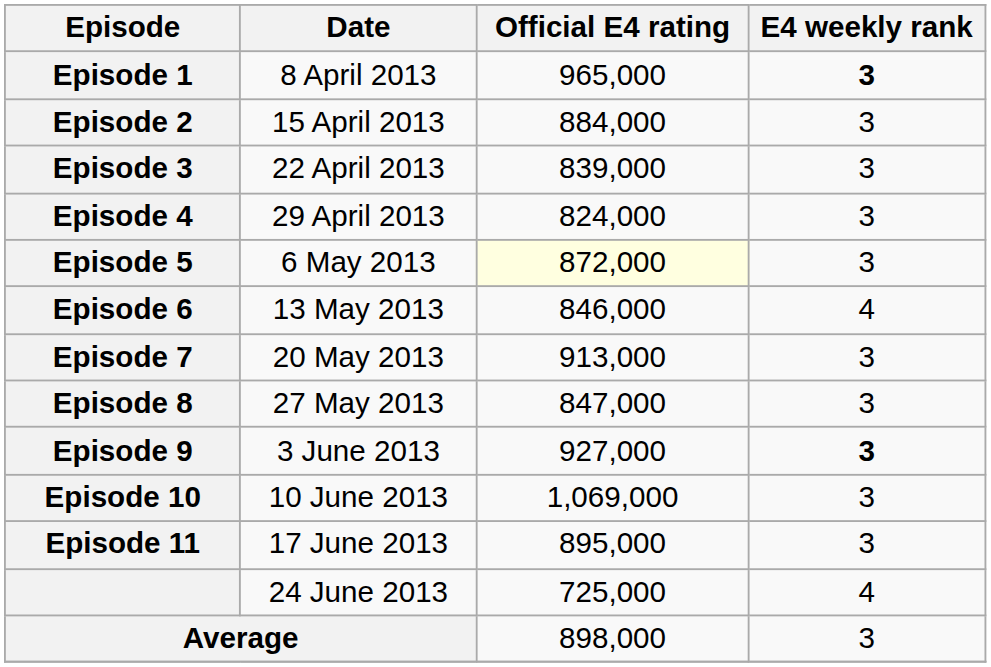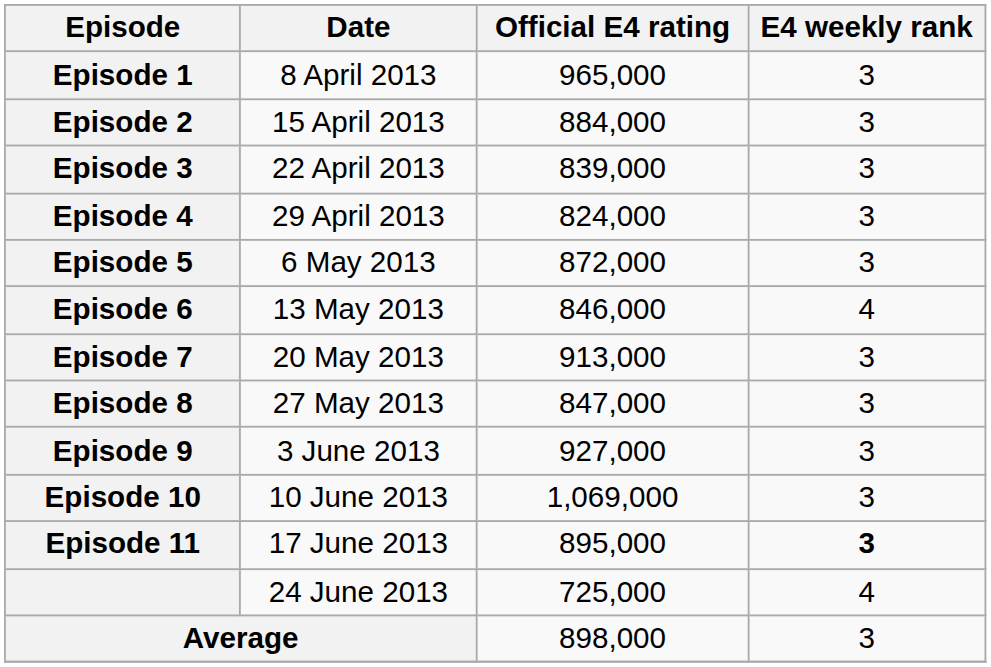 <table class="wikitable sortable" style="text-align:center">
 <tr>
 <th scope="col" style="width:120px;">Episode</th>
 <th scope="col" style="width:120px;">Date</th>
 <th scope="col" style="width:140px;">Official E4 rating</th>
 <th scope="col" style="width:120px;">E4 weekly rank</th>
 </tr>
 <tr>
 <th scope="row">Episode 1</th>
 <td>8 April 2013</td>
 <td>965,000</td>
-<td><strong>3</strong></td>
+<td>3</td>
 </tr>
 <tr>
 <th scope="row">Episode 2</th>
 <td>15 April 2013</td>
 <td>884,000</td>
 <td>3</td>
 </tr>
 <tr>
 <th scope="row">Episode 3</th>
 <td>22 April 2013</td>
 <td>839,000</td>
 <td>3</td>
 </tr>
 <tr>
 <th scope="row">Episode 4</th>
 <td>29 April 2013</td>
 <td>824,000</td>
 <td>3</td>
 </tr>
 <tr>
 <th scope="row">Episode 5</th>
 <td>6 May 2013</td>
-<td style="background: lightyellow;">872,000</td>
+<td>872,000</td>
 <td>3</td>
 </tr>
 <tr>
 <th scope="row">Episode 6</th>
 <td>13 May 2013</td>
 <td>846,000</td>
 <td>4</td>
 </tr>
 <tr>
 <th scope="row">Episode 7</th>
 <td>20 May 2013</td>
 <td>913,000</td>
 <td>3</td>
 </tr>
 <tr>
 <th scope="row">Episode 8</th>
 <td>27 May 2013</td>
 <td>847,000</td>
 <td>3</td>
 </tr>
 <tr>
 <th scope="row">Episode 9</th>
 <td>3 June 2013</td>
 <td>927,000</td>
-<td><strong>3</strong></td>
+<td>3</td>
 </tr>
 <tr>
 <th scope="row">Episode 10</th>
 <td>10 June 2013</td>
 <td>1,069,000</td>
 <td>3</td>
 </tr>
 <tr>
 <th scope="row">Episode 11</th>
 <td>17 June 2013</td>
 <td>895,000</td>
-<td>3</td>
+<td><strong>3</strong></td>
 </tr>
 <tr>
 <th scope="row"></th>
 <td>24 June 2013</td>
 <td>725,000</td>
 <td>4</td>
 </tr>
 <tr>
 <th scope="row" colspan="2">Average</th>
 <td>898,000</td>
 <td>3</td>
 </tr>
 <tr>
 </tr>
 </table>
